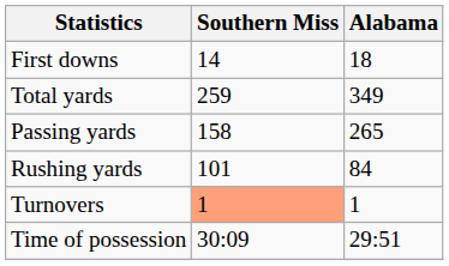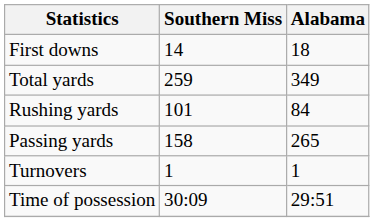 <table class="wikitable" style="float: left;">
 <tr>
 <th>Statistics</th>
 <th style=>Southern Miss</th>
 <th>Alabama</th>
 </tr>
 <tr>
 <td>First downs</td>
 <td>14</td>
 <td>18</td>
 </tr>
 <tr>
 <td>Total yards</td>
 <td>259</td>
 <td>349</td>
 </tr>
 <tr>
+<td>Rushing yards</td>
+<td>101</td>
+<td>84</td>
+</tr>
+<tr>
 <td>Passing yards</td>
 <td>158</td>
 <td>265</td>
 </tr>
 <tr>
-<td>Rushing yards</td>
-<td>101</td>
-<td>84</td>
-</tr>
-<tr>
 <td>Turnovers</td>
-<td style="background: lightsalmon;">1</td>
+<td>1</td>
 <td>1</td>
 </tr>
 <tr>
 <td>Time of possession</td>
 <td>30:09</td>
 <td>29:51</td>
 </tr>
 <tr>
 </tr>
 </table>
